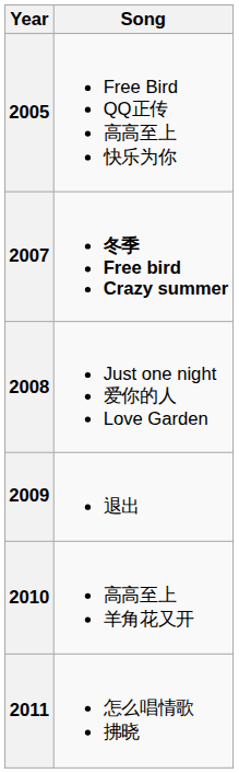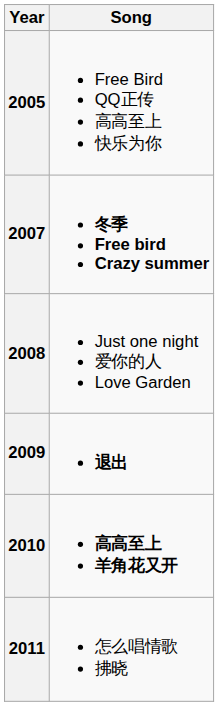 <table class="wikitable">
 <tr>
 <th align="left">Year</th>
 <th align="left">Song</th>
 </tr>
 <tr>
 <th align="center">2005</th>
 <td align="left"><br><ul><li>Free Bird</li><li>QQ正传</li><li>高高至上</li><li>快乐为你</li></ul></td>
 </tr>
 <tr>
 <th align="center">2007</th>
 <td align="left"><strong><br><ul><li>冬季</li><li>Free bird</li><li>Crazy summer</li></ul></strong></td>
 </tr>
 <tr>
 <th align="center">2008</th>
 <td align="left"><br><ul><li>Just one night</li><li>爱你的人</li><li>Love Garden</li></ul></td>
 </tr>
 <tr>
 <th align="center">2009</th>
-<td align="left"><br><ul><li>退出</li></ul></td>
+<td align="left"><strong><br><ul><li>退出</li></ul></strong></td>
 </tr>
 <tr>
 <th align="center">2010</th>
-<td align="left"><br><ul><li>高高至上</li><li>羊角花又开</li></ul></td>
+<td align="left"><strong><br><ul><li>高高至上</li><li>羊角花又开</li></ul></strong></td>
 </tr>
 <tr>
 <th align="center">2011</th>
 <td align="left"><br><ul><li>怎么唱情歌</li><li>拂晓</li></ul></td>
 </tr>
 </table>
